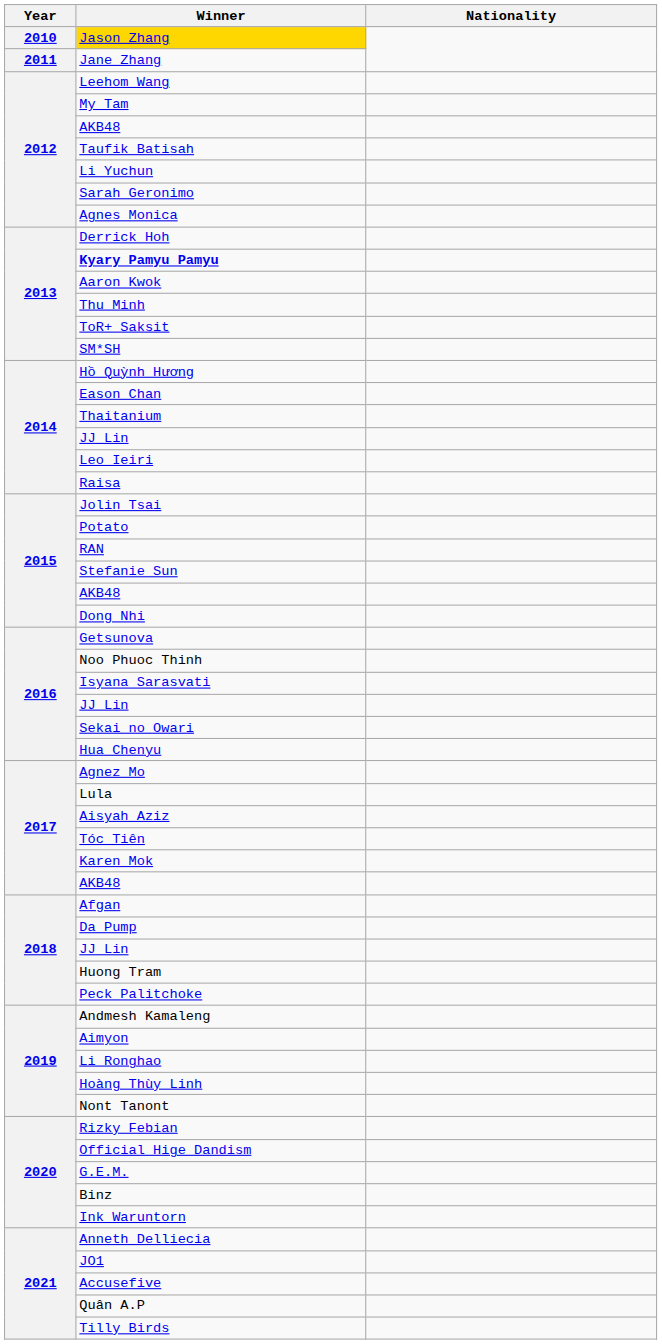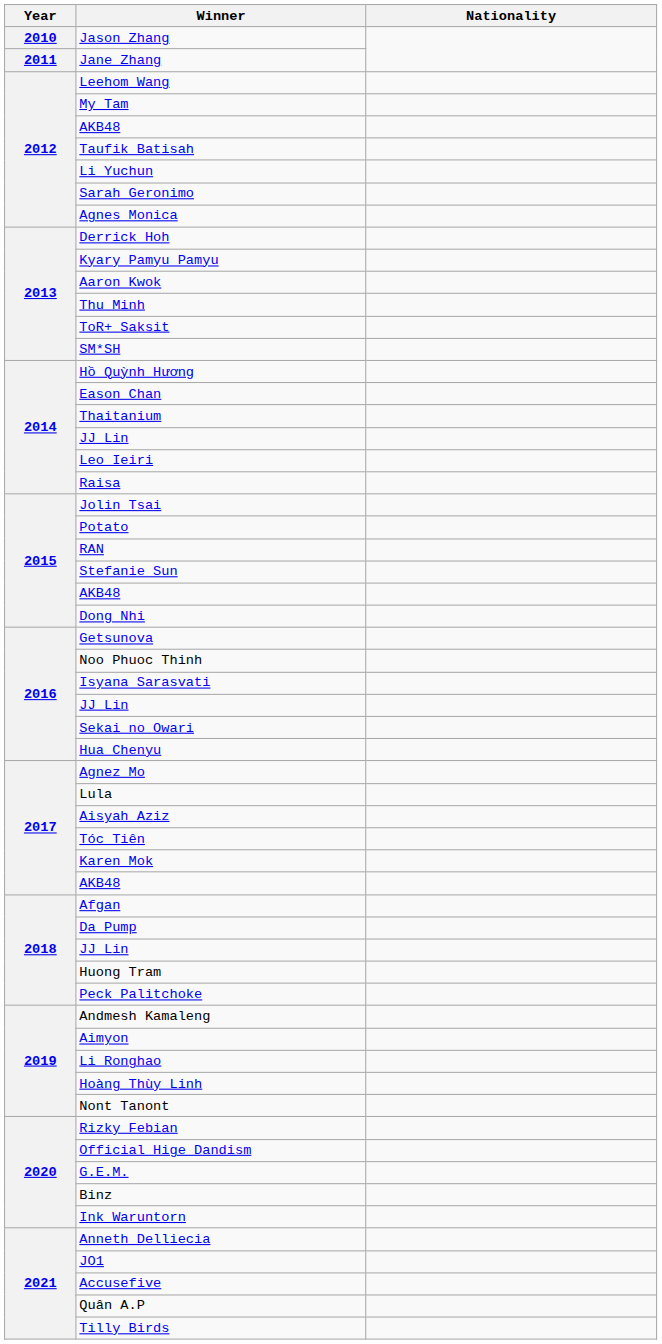 <table class="wikitable plainrowheaders">
 <tr>
 <th width="62">Year</th>
 <th width="270">Winner</th>
 <th width="270">Nationality</th>
 </tr>
 <tr>
 <th scope="row" style="text-align:center"><a href='#'>2010</a></th>
-<td style="background: gold;"><a href='#'>Jason Zhang</a></td>
+<td><a href='#'>Jason Zhang</a></td>
 <td rowspan="2"></td>
 </tr>
 <tr>
 <th scope="row" style="text-align:center"><a href='#'>2011</a></th>
 <td><a href='#'>Jane Zhang</a></td>
 </tr>
 <tr>
 <th scope="row" style="text-align:center" rowspan=7><a href='#'>2012</a></th>
 <td><a href='#'>Leehom Wang</a></td>
 <td></td>
 </tr>
 <tr>
 <td><a href='#'>My Tam</a></td>
 <td></td>
 </tr>
 <tr>
 <td><a href='#'>AKB48</a></td>
 <td></td>
 </tr>
 <tr>
 <td><a href='#'>Taufik Batisah</a></td>
 <td></td>
 </tr>
 <tr>
 <td><a href='#'>Li Yuchun</a></td>
 <td></td>
 </tr>
 <tr>
 <td><a href='#'>Sarah Geronimo</a></td>
 <td></td>
 </tr>
 <tr>
 <td><a href='#'>Agnes Monica</a></td>
 <td></td>
 </tr>
 <tr>
 <th scope="row" style="text-align:center" rowspan=6><a href='#'>2013</a></th>
 <td><a href='#'>Derrick Hoh</a></td>
 <td></td>
 </tr>
 <tr>
-<td><strong><a href='#'>Kyary Pamyu Pamyu</a></strong></td>
+<td><a href='#'>Kyary Pamyu Pamyu</a></td>
 <td></td>
 </tr>
 <tr>
 <td><a href='#'>Aaron Kwok</a></td>
 <td></td>
 </tr>
 <tr>
 <td><a href='#'>Thu Minh</a></td>
 <td></td>
 </tr>
 <tr>
 <td><a href='#'>ToR+ Saksit</a></td>
 <td></td>
 </tr>
 <tr>
 <td><a href='#'>SM*SH</a></td>
 <td></td>
 </tr>
 <tr>
 <th scope="row" style="text-align:center" rowspan=6><a href='#'>2014</a><br></th>
 <td><a href='#'>Hồ Quỳnh Hương</a></td>
 <td></td>
 </tr>
 <tr>
 <td><a href='#'>Eason Chan</a></td>
 <td></td>
 </tr>
 <tr>
 <td><a href='#'>Thaitanium</a></td>
 <td></td>
 </tr>
 <tr>
 <td><a href='#'>JJ Lin</a></td>
 <td></td>
 </tr>
 <tr>
 <td><a href='#'>Leo Ieiri</a></td>
 <td></td>
 </tr>
 <tr>
 <td><a href='#'>Raisa</a></td>
 <td></td>
 </tr>
 <tr>
 <th scope="row" style="text-align:center" rowspan=6><a href='#'>2015</a></th>
 <td><a href='#'>Jolin Tsai</a></td>
 <td></td>
 </tr>
 <tr>
 <td><a href='#'>Potato</a></td>
 <td></td>
 </tr>
 <tr>
 <td><a href='#'>RAN</a></td>
 <td></td>
 </tr>
 <tr>
 <td><a href='#'>Stefanie Sun</a></td>
 <td></td>
 </tr>
 <tr>
 <td><a href='#'>AKB48</a></td>
 <td></td>
 </tr>
 <tr>
 <td><a href='#'>Dong Nhi</a></td>
 <td></td>
 </tr>
 <tr>
 <th scope="row" style="text-align:center" rowspan=6><a href='#'>2016</a></th>
 <td><a href='#'>Getsunova</a></td>
 <td></td>
 </tr>
 <tr>
 <td>Noo Phuoc Thinh</td>
 <td></td>
 </tr>
 <tr>
 <td><a href='#'>Isyana Sarasvati</a></td>
 <td></td>
 </tr>
 <tr>
 <td><a href='#'>JJ Lin</a></td>
 <td></td>
 </tr>
 <tr>
 <td><a href='#'>Sekai no Owari</a></td>
 <td></td>
 </tr>
 <tr>
 <td><a href='#'>Hua Chenyu</a></td>
 <td></td>
 </tr>
 <tr>
 <th scope="row" style="text-align:center" rowspan=6><a href='#'>2017</a></th>
 <td><a href='#'>Agnez Mo</a></td>
 <td></td>
 </tr>
 <tr>
 <td>Lula</td>
 <td></td>
 </tr>
 <tr>
 <td><a href='#'>Aisyah Aziz</a></td>
 <td></td>
 </tr>
 <tr>
 <td><a href='#'>Tóc Tiên</a></td>
 <td></td>
 </tr>
 <tr>
 <td><a href='#'>Karen Mok</a></td>
 <td></td>
 </tr>
 <tr>
 <td><a href='#'>AKB48</a></td>
 <td></td>
 </tr>
 <tr>
 <th scope="row" style="text-align:center" rowspan="5"><a href='#'>2018</a></th>
 <td><a href='#'>Afgan</a></td>
 <td></td>
 </tr>
 <tr>
 <td><a href='#'>Da Pump</a></td>
 <td></td>
 </tr>
 <tr>
 <td><a href='#'>JJ Lin</a></td>
 <td></td>
 </tr>
 <tr>
 <td>Huong Tram</td>
 <td></td>
 </tr>
 <tr>
 <td><a href='#'>Peck Palitchoke</a></td>
 <td></td>
 </tr>
 <tr>
 <th scope="row" style="text-align:center" rowspan="5"><a href='#'>2019</a></th>
 <td>Andmesh Kamaleng</td>
 <td></td>
 </tr>
 <tr>
 <td><a href='#'>Aimyon</a></td>
 <td></td>
 </tr>
 <tr>
 <td><a href='#'>Li Ronghao</a></td>
 <td></td>
 </tr>
 <tr>
 <td><a href='#'>Hoàng Thùy Linh</a></td>
 <td></td>
 </tr>
 <tr>
 <td>Nont Tanont</td>
 <td></td>
 </tr>
 <tr>
 <th scope="row" style="text-align:center" rowspan="5"><a href='#'>2020</a></th>
 <td><a href='#'>Rizky Febian</a></td>
 <td></td>
 </tr>
 <tr>
 <td><a href='#'>Official Hige Dandism</a></td>
 <td></td>
 </tr>
 <tr>
 <td><a href='#'>G.E.M.</a></td>
 <td></td>
 </tr>
 <tr>
 <td>Binz</td>
 <td></td>
 </tr>
 <tr>
 <td><a href='#'>Ink Waruntorn</a></td>
 <td></td>
 </tr>
 <tr>
 <th scope="row" style="text-align:center" rowspan="5"><a href='#'>2021</a></th>
 <td><a href='#'>Anneth Delliecia</a></td>
 <td></td>
 </tr>
 <tr>
 <td><a href='#'>JO1</a></td>
 <td></td>
 </tr>
 <tr>
 <td><a href='#'>Accusefive</a></td>
 <td></td>
 </tr>
 <tr>
 <td>Quân A.P</td>
 <td></td>
 </tr>
 <tr>
 <td><a href='#'>Tilly Birds</a></td>
 <td></td>
 </tr>
 </table>
